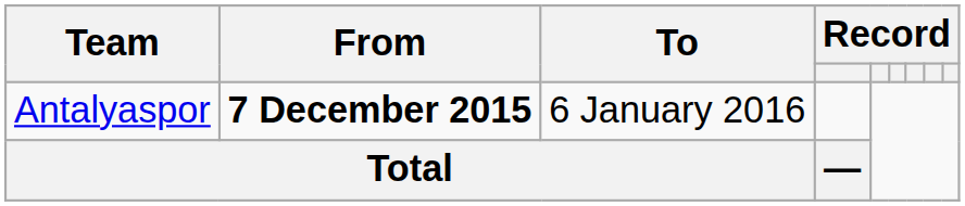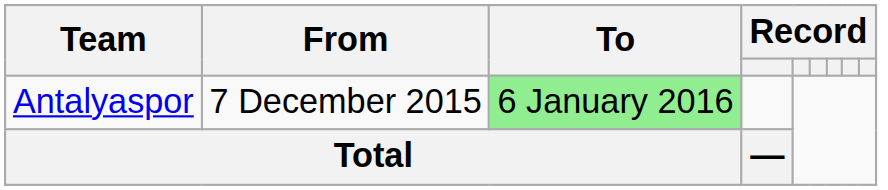 <table class="wikitable" style="text-align: center">
 <tr>
 <th rowspan="2">Team</th>
 <th rowspan="2">From</th>
 <th rowspan="2">To</th>
 <th colspan="6">Record</th>
 </tr>
 <tr>
 <th></th>
 <th></th>
 <th></th>
 <th></th>
 <th></th>
 <th></th>
 </tr>
 <tr>
 <td><a href='#'>Antalyaspor</a></td>
-<td><strong>7 December 2015</strong></td>
-<td>6 January 2016<br></td>
+<td>7 December 2015</td>
+<td style="background: lightgreen;">6 January 2016<br></td>
 <td></td>
 </tr>
 <tr>
 <th colspan="3">Total<br></th>
 <th>—</th>
 </tr>
 </table>
